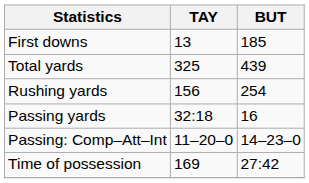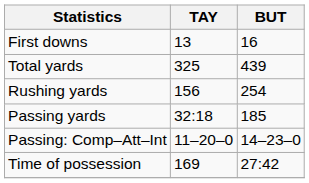 <table class="wikitable" style="float: left;">
 <tr>
 <th>Statistics</th>
 <th>TAY</th>
 <th>BUT</th>
 </tr>
 <tr>
 <td>First downs</td>
 <td>13</td>
-<td>185</td>
+<td>16</td>
 </tr>
 <tr>
 <td>Total yards</td>
 <td>325</td>
 <td>439</td>
 </tr>
 <tr>
 <td>Rushing yards</td>
 <td>156</td>
 <td>254</td>
 </tr>
 <tr>
 <td>Passing yards</td>
 <td>32:18</td>
-<td>16</td>
+<td>185</td>
 </tr>
 <tr>
 <td>Passing: Comp–Att–Int</td>
 <td>11–20–0</td>
 <td>14–23–0</td>
 </tr>
 <tr>
 <td>Time of possession</td>
 <td>169</td>
 <td>27:42</td>
 </tr>
 <tr>
 </tr>
 </table>
